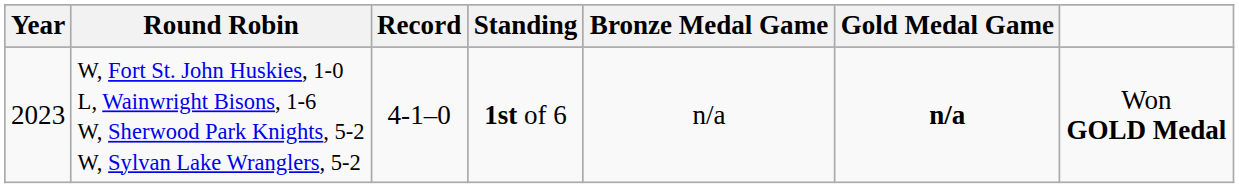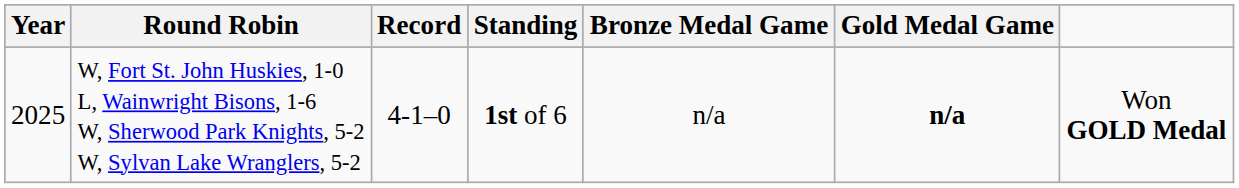 <table class="wikitable" style="text-align:center">
 <tr>
 <th>Year</th>
 <th>Round Robin</th>
 <th>Record</th>
 <th>Standing</th>
 <th>Bronze Medal Game</th>
 <th>Gold Medal Game</th>
 </tr>
 <tr>
-<td>2023</td>
+<td>2025</td>
 <td align=left><small> W, <a href='#'>Fort St. John Huskies</a>, 1-0<br>L, <a href='#'>Wainwright Bisons</a>, 1-6<br>W, <a href='#'>Sherwood Park Knights</a>, 5-2<br>W, <a href='#'>Sylvan Lake Wranglers</a>, 5-2<br></small></td>
 <td>4-1–0</td>
 <td><strong>1st</strong> of 6</td>
 <td>n/a</td>
 <td><strong>n/a</strong></td>
 <td>Won <br><strong>GOLD Medal</strong></td>
 </tr>
 </table>
